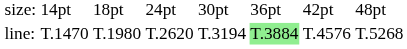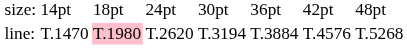 <table style="margin-left:40px;">
 <tr>
 <td>size:</td>
 <td>14pt</td>
 <td>18pt</td>
 <td>24pt</td>
 <td>30pt</td>
 <td>36pt</td>
 <td>42pt</td>
 <td>48pt</td>
 </tr>
 <tr>
 <td>line:</td>
 <td>T.1470</td>
-<td>T.1980</td>
+<td style="background: pink;">T.1980</td>
 <td>T.2620</td>
 <td>T.3194</td>
-<td style="background: lightgreen;">T.3884</td>
+<td>T.3884</td>
 <td>T.4576</td>
 <td>T.5268</td>
 </tr>
 </table>
